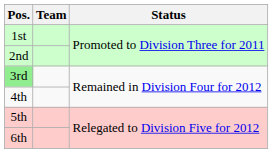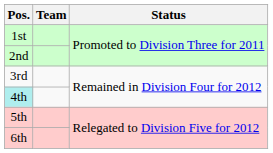 <table class="wikitable">
 <tr>
 <th>Pos.</th>
 <th>Team</th>
 <th>Status</th>
 </tr>
 <tr style="background:#cfc">
 <td style="text-align:center;">1st</td>
 <td></td>
 <td rowspan=2>Promoted to <a href='#'>Division Three for 2011</a></td>
 </tr>
 <tr style="background:#cfc">
 <td style="text-align:center;">2nd</td>
 <td></td>
 </tr>
 <tr>
-<td style="background: lightgreen; text-align:center;">3rd</td>
+<td style="text-align:center;">3rd</td>
 <td></td>
 <td rowspan=2>Remained in <a href='#'>Division Four for 2012</a></td>
 </tr>
 <tr>
-<td style="text-align:center;">4th</td>
+<td style="background: paleturquoise; text-align:center;">4th</td>
 <td></td>
 </tr>
 <tr style="background:#fcc">
 <td style="text-align:center;">5th</td>
 <td></td>
 <td rowspan=2>Relegated to <a href='#'>Division Five for 2012</a></td>
 </tr>
 <tr style="background:#fcc">
 <td style="text-align:center;">6th</td>
 <td></td>
 </tr>
 </table>
